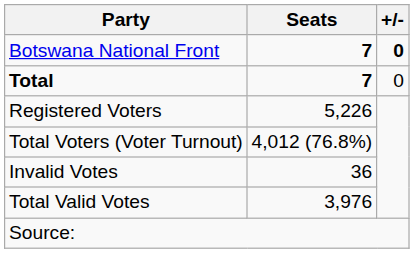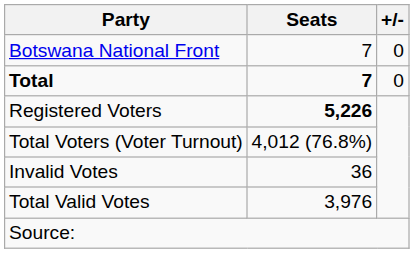 <table class=wikitable style=text-align:right>
 <tr>
 <th>Party</th>
 <th>Seats</th>
 <th>+/-</th>
 </tr>
 <tr>
 <td align=left><a href='#'>Botswana National Front</a></td>
-<td><strong>7</strong></td>
-<td><strong>0</strong></td>
+<td>7</td>
+<td>0</td>
 </tr>
 <tr>
 <td align=left><strong>Total</strong></td>
 <td><strong>7</strong></td>
 <td>0</td>
 </tr>
 <tr>
 <td align=left>Registered Voters</td>
-<td>5,226</td>
+<td><strong>5,226</strong></td>
 </tr>
 <tr>
 <td align=left>Total Voters (Voter Turnout)</td>
 <td>4,012 (76.8%)</td>
 </tr>
 <tr>
 <td align=left>Invalid Votes</td>
 <td>36</td>
 </tr>
 <tr>
 <td align=left>Total Valid Votes</td>
 <td>3,976</td>
 </tr>
 <tr>
 <td colspan=4 align=left>Source: </td>
 </tr>
 </table>
